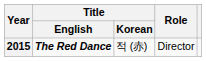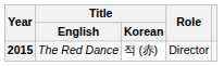 <table class="wikitable sortable plainrowheaders">
 <tr>
 <th rowspan="2" scope="col">Year</th>
 <th colspan="2" scope="col">Title</th>
 <th rowspan="2" scope="col">Role</th>
 <th rowspan="2" scope="col" class="unsortable"></th>
 </tr>
 <tr>
 <th scope="col">English</th>
 <th scope="col">Korean</th>
 </tr>
 <tr>
 <th scope="row">2015</th>
-<td><strong><em>The Red Dance</em></strong></td>
+<td><em>The Red Dance</em></td>
 <td>적 (赤)</td>
 <td>Director</td>
 <td></td>
 </tr>
 </table>
